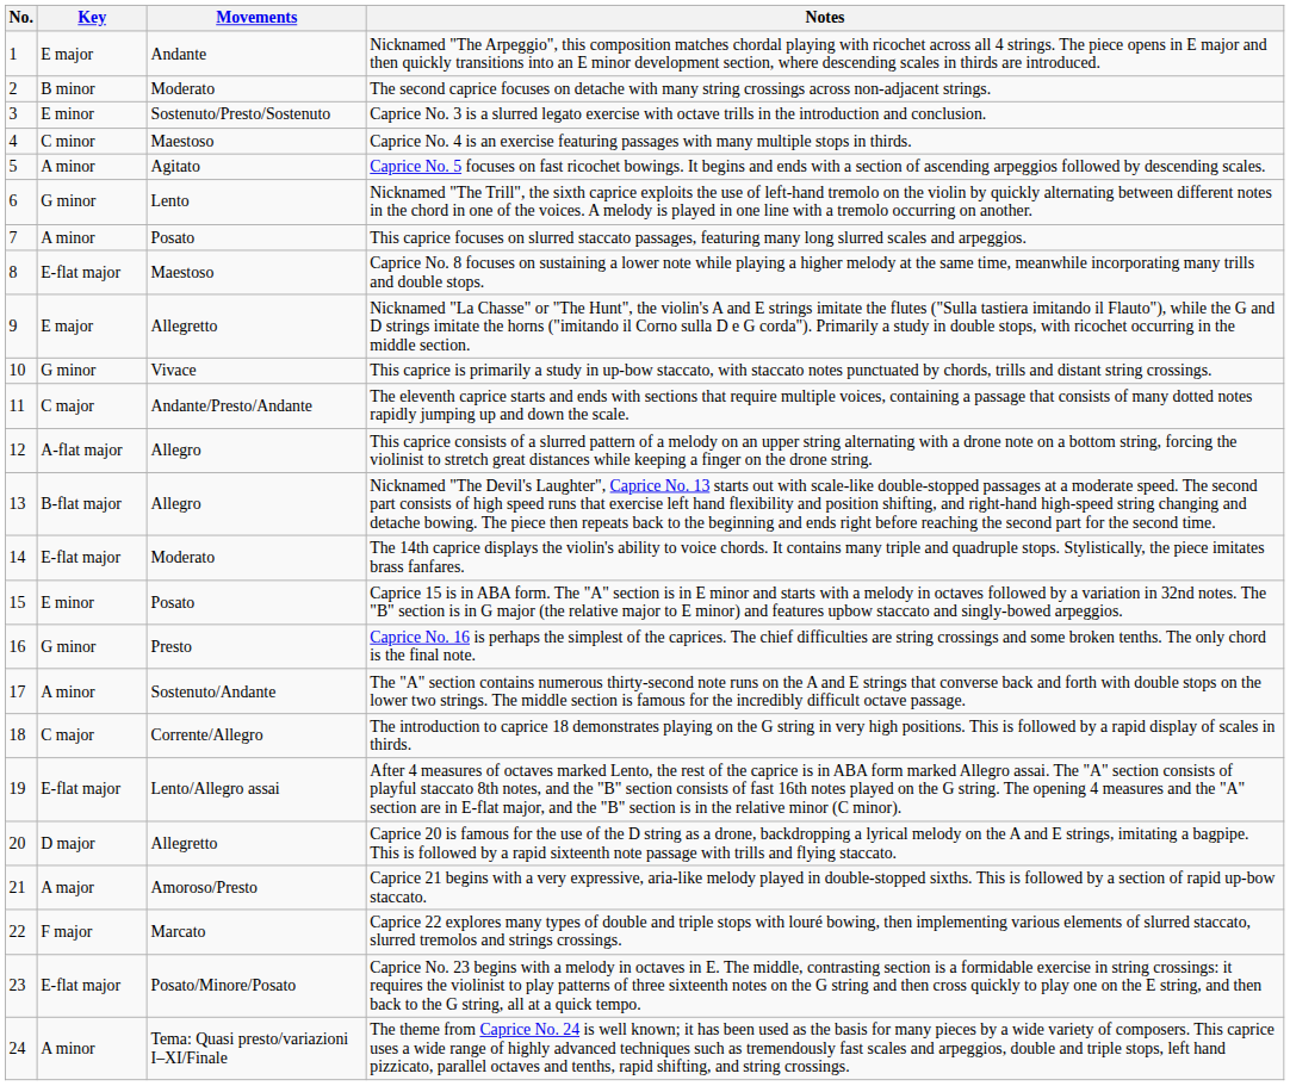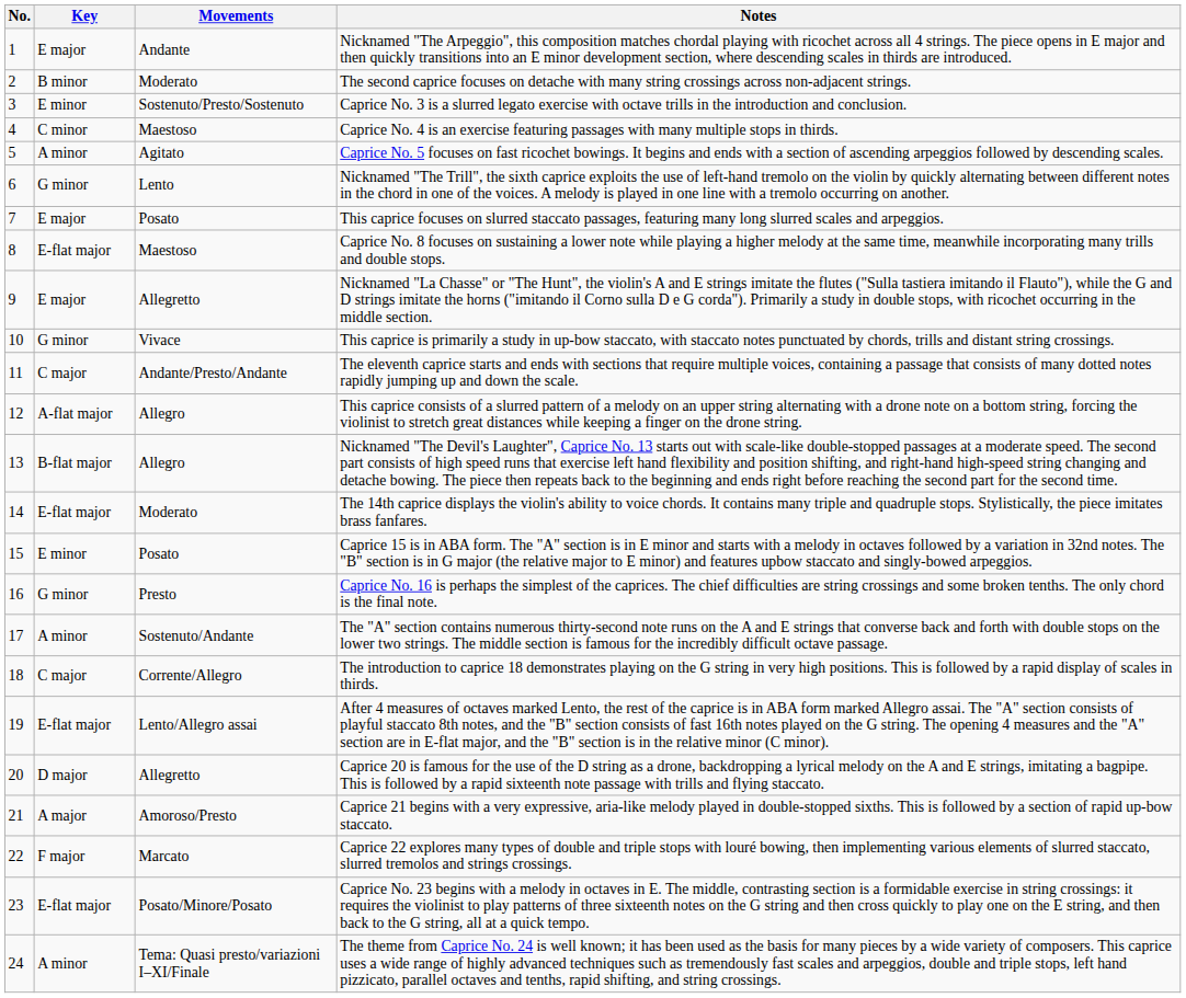 <table class="wikitable">
 <tr>
 <th scope="col">No.</th>
 <th scope="col" style="width: 100px;"><a href='#'>Key</a></th>
 <th scope="col"><a href='#'>Movements</a></th>
 <th scope="col">Notes</th>
 </tr>
 <tr>
 <td>1</td>
 <td>E major</td>
 <td>Andante</td>
 <td>Nicknamed "The Arpeggio", this composition matches chordal playing with ricochet across all 4 strings. The piece opens in E major and then quickly transitions into an E minor development section, where descending scales in thirds are introduced.</td>
 </tr>
 <tr>
 <td>2</td>
 <td>B minor</td>
 <td>Moderato</td>
 <td>The second caprice focuses on detache with many string crossings across non-adjacent strings.</td>
 </tr>
 <tr>
 <td>3</td>
 <td>E minor</td>
 <td>Sostenuto/Presto/Sostenuto</td>
 <td>Caprice No. 3 is a slurred legato exercise with octave trills in the introduction and conclusion.</td>
 </tr>
 <tr>
 <td>4</td>
 <td>C minor</td>
 <td>Maestoso</td>
 <td>Caprice No. 4 is an exercise featuring passages with many multiple stops in thirds.</td>
 </tr>
 <tr>
 <td>5</td>
 <td>A minor</td>
 <td>Agitato</td>
 <td><a href='#'>Caprice No. 5</a> focuses on fast ricochet bowings. It begins and ends with a section of ascending arpeggios followed by descending scales.</td>
 </tr>
 <tr>
 <td>6</td>
 <td>G minor</td>
 <td>Lento</td>
 <td>Nicknamed "The Trill", the sixth caprice exploits the use of left-hand tremolo on the violin by quickly alternating between different notes in the chord in one of the voices. A melody is played in one line with a tremolo occurring on another.</td>
 </tr>
 <tr>
 <td>7</td>
-<td>A minor</td>
+<td>E major</td>
 <td>Posato</td>
 <td>This caprice focuses on slurred staccato passages, featuring many long slurred scales and arpeggios.</td>
 </tr>
 <tr>
 <td>8</td>
 <td>E-flat major</td>
 <td>Maestoso</td>
 <td>Caprice No. 8 focuses on sustaining a lower note while playing a higher melody at the same time, meanwhile incorporating many trills and double stops.</td>
 </tr>
 <tr>
 <td>9</td>
 <td>E major</td>
 <td>Allegretto</td>
 <td>Nicknamed "La Chasse" or "The Hunt", the violin's A and E strings imitate the flutes ("Sulla tastiera imitando il Flauto"), while the G and D strings imitate the horns ("imitando il Corno sulla D e G corda"). Primarily a study in double stops, with ricochet occurring in the middle section.</td>
 </tr>
 <tr>
 <td>10</td>
 <td>G minor</td>
 <td>Vivace</td>
 <td>This caprice is primarily a study in up-bow staccato, with staccato notes punctuated by chords, trills and distant string crossings.</td>
 </tr>
 <tr>
 <td>11</td>
 <td>C major</td>
 <td>Andante/Presto/Andante</td>
 <td>The eleventh caprice starts and ends with sections that require multiple voices, containing a passage that consists of many dotted notes rapidly jumping up and down the scale.</td>
 </tr>
 <tr>
 <td>12</td>
 <td>A-flat major</td>
 <td>Allegro</td>
 <td>This caprice consists of a slurred pattern of a melody on an upper string alternating with a drone note on a bottom string, forcing the violinist to stretch great distances while keeping a finger on the drone string.</td>
 </tr>
 <tr>
 <td>13</td>
 <td>B-flat major</td>
 <td>Allegro</td>
 <td>Nicknamed "The Devil's Laughter", <a href='#'>Caprice No. 13</a> starts out with scale-like double-stopped passages at a moderate speed. The second part consists of high speed runs that exercise left hand flexibility and position shifting, and right-hand high-speed string changing and detache bowing. The piece then repeats back to the beginning and ends right before reaching the second part for the second time.</td>
 </tr>
 <tr>
 <td>14</td>
 <td>E-flat major</td>
 <td>Moderato</td>
 <td>The 14th caprice displays the violin's ability to voice chords. It contains many triple and quadruple stops. Stylistically, the piece imitates brass fanfares.</td>
 </tr>
 <tr>
 <td>15</td>
 <td>E minor</td>
 <td>Posato</td>
 <td>Caprice 15 is in ABA form. The "A" section is in E minor and starts with a melody in octaves followed by a variation in 32nd notes. The "B" section is in G major (the relative major to E minor) and features upbow staccato and singly-bowed arpeggios.</td>
 </tr>
 <tr>
 <td>16</td>
 <td>G minor</td>
 <td>Presto</td>
 <td><a href='#'>Caprice No. 16</a> is perhaps the simplest of the caprices. The chief difficulties are string crossings and some broken tenths. The only chord is the final note.</td>
 </tr>
 <tr>
 <td>17</td>
 <td>A minor</td>
 <td>Sostenuto/Andante</td>
 <td>The "A" section contains numerous thirty-second note runs on the A and E strings that converse back and forth with double stops on the lower two strings. The middle section is famous for the incredibly difficult octave passage.</td>
 </tr>
 <tr>
 <td>18</td>
 <td>C major</td>
 <td>Corrente/Allegro</td>
 <td>The introduction to caprice 18 demonstrates playing on the G string in very high positions. This is followed by a rapid display of scales in thirds.</td>
 </tr>
 <tr>
 <td>19</td>
 <td>E-flat major</td>
 <td>Lento/Allegro assai</td>
 <td>After 4 measures of octaves marked Lento, the rest of the caprice is in ABA form marked Allegro assai. The "A" section consists of playful staccato 8th notes, and the "B" section consists of fast 16th notes played on the G string. The opening 4 measures and the "A" section are in E-flat major, and the "B" section is in the relative minor (C minor).</td>
 </tr>
 <tr>
 <td>20</td>
 <td>D major</td>
 <td>Allegretto</td>
 <td>Caprice 20 is famous for the use of the D string as a drone, backdropping a lyrical melody on the A and E strings, imitating a bagpipe. This is followed by a rapid sixteenth note passage with trills and flying staccato.</td>
 </tr>
 <tr>
 <td>21</td>
 <td>A major</td>
 <td>Amoroso/Presto</td>
 <td>Caprice 21 begins with a very expressive, aria-like melody played in double-stopped sixths. This is followed by a section of rapid up-bow staccato.</td>
 </tr>
 <tr>
 <td>22</td>
 <td>F major</td>
 <td>Marcato</td>
 <td>Caprice 22 explores many types of double and triple stops with louré bowing, then implementing various elements of slurred staccato, slurred tremolos and strings crossings.</td>
 </tr>
 <tr>
 <td>23</td>
 <td>E-flat major</td>
 <td>Posato/Minore/Posato</td>
 <td>Caprice No. 23 begins with a melody in octaves in E. The middle, contrasting section is a formidable exercise in string crossings: it requires the violinist to play patterns of three sixteenth notes on the G string and then cross quickly to play one on the E string, and then back to the G string, all at a quick tempo.</td>
 </tr>
 <tr>
 <td>24</td>
 <td>A minor</td>
 <td>Tema: Quasi presto/variazioni I–XI/Finale</td>
 <td>The theme from <a href='#'>Caprice No. 24</a> is well known; it has been used as the basis for many pieces by a wide variety of composers. This caprice uses a wide range of highly advanced techniques such as tremendously fast scales and arpeggios, double and triple stops, left hand pizzicato, parallel octaves and tenths, rapid shifting, and string crossings.</td>
 </tr>
 </table>
